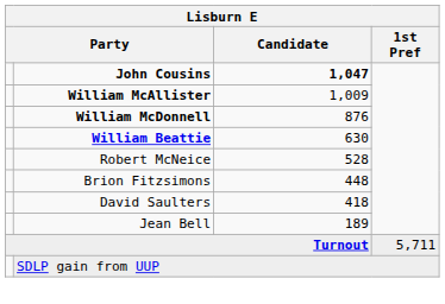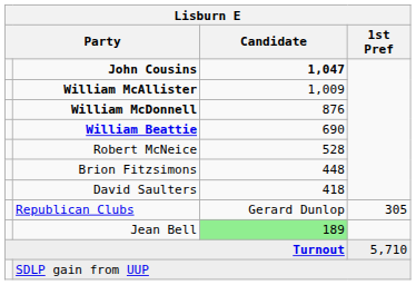 <table class="wikitable">
 <tr>
 <th colspan="4" align="center">Lisburn E</th>
 </tr>
 <tr>
 <th colspan="2" align="center" width=200>Party</th>
 <th width=150>Candidate</th>
 <th width=60>1st Pref</th>
 </tr>
 <tr>
 <td></td>
 <td align="right"><strong>John Cousins</strong></td>
 <td align="right"><strong>1,047</strong></td>
 </tr>
 <tr>
 <td></td>
 <td align="right"><strong>William McAllister</strong></td>
 <td align="right">1,009</td>
 </tr>
 <tr>
 <td></td>
 <td align="right"><strong>William McDonnell</strong></td>
 <td align="right">876</td>
 </tr>
 <tr>
 <td></td>
 <td align="right"><strong><a href='#'>William Beattie</a></strong></td>
-<td align="right">630</td>
+<td align="right">690</td>
 </tr>
 <tr>
 <td></td>
 <td align="right">Robert McNeice</td>
 <td align="right">528</td>
 </tr>
 <tr>
 <td></td>
 <td align="right">Brion Fitzsimons</td>
 <td align="right">448</td>
 </tr>
 <tr>
 <td></td>
 <td align="right">David Saulters</td>
 <td align="right">418</td>
 </tr>
 <tr>
+<td style="background-color: "></td>
+<td><a href='#'>Republican Clubs</a></td>
+<td align="right">Gerard Dunlop</td>
+<td align="right">305</td>
+</tr>
+<tr>
 <td></td>
 <td align="right">Jean Bell</td>
-<td align="right">189</td>
+<td align="right" style="background: lightgreen;">189</td>
 </tr>
 <tr bgcolor="EEEEEE">
 <td colspan=3 align="right"><strong><a href='#'>Turnout</a></strong></td>
-<td align="right">5,711</td>
+<td align="right">5,710</td>
 </tr>
 <tr>
 <td bgcolor=></td>
 <td colspan=3 bgcolor="EEEEEE"><a href='#'>SDLP</a> gain from <a href='#'>UUP</a></td>
 </tr>
 </table>
